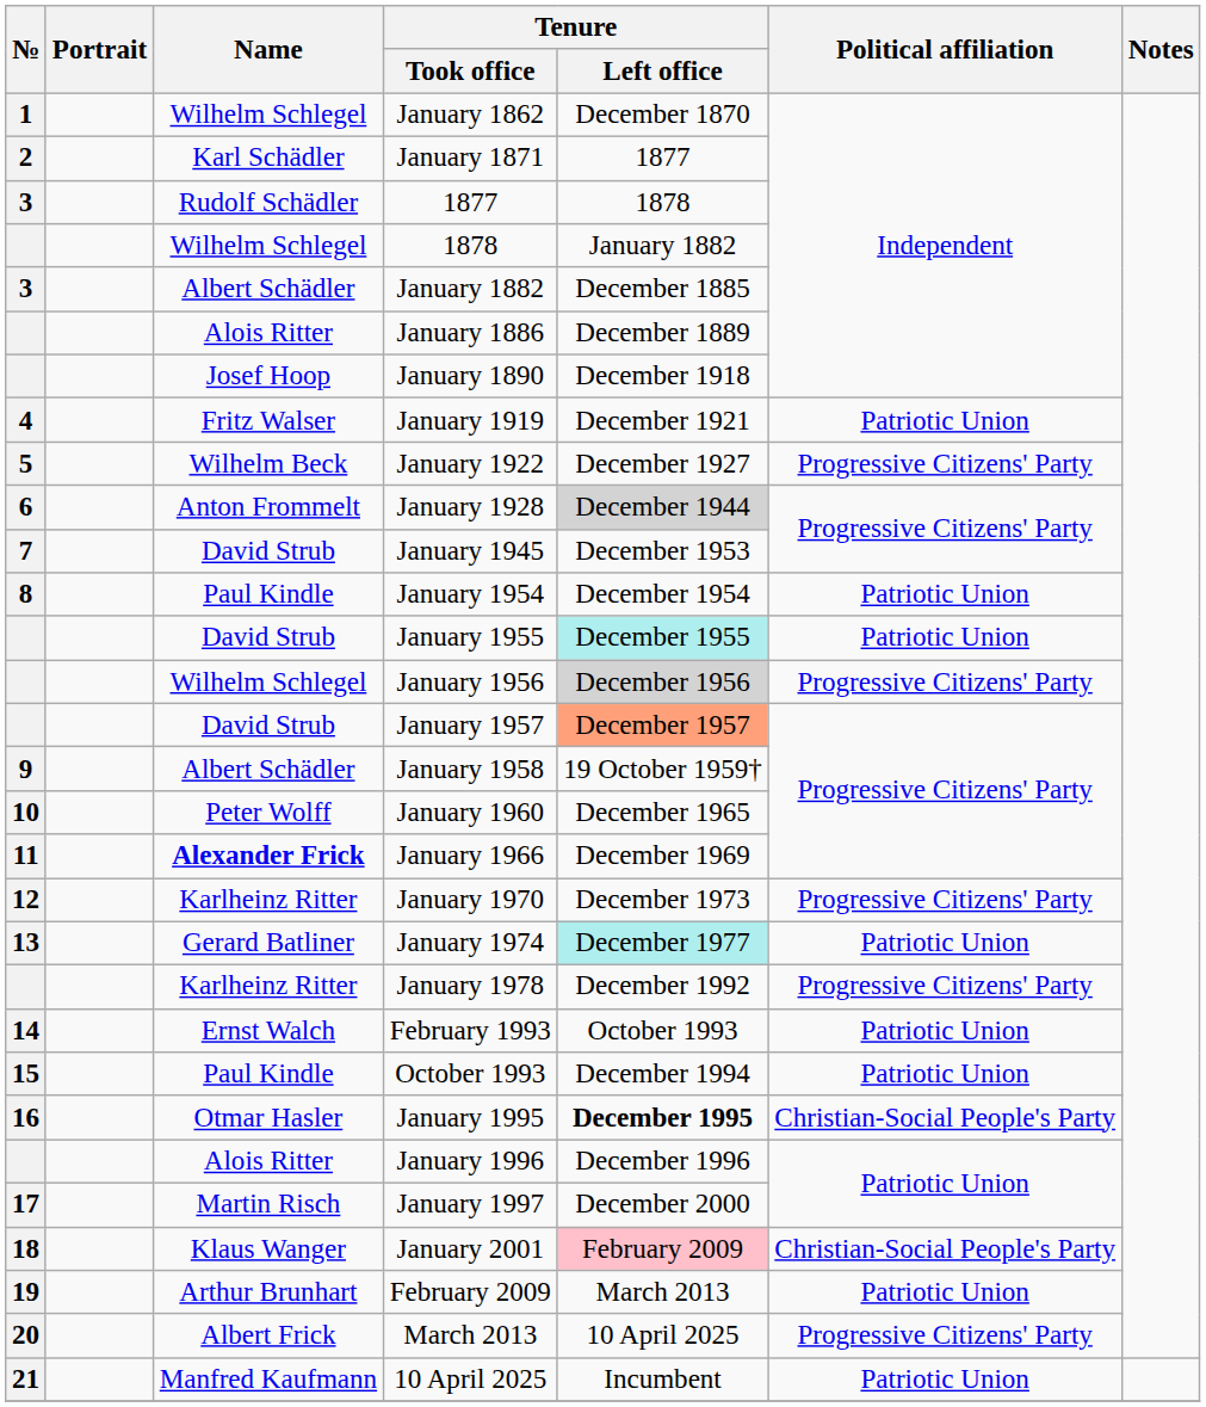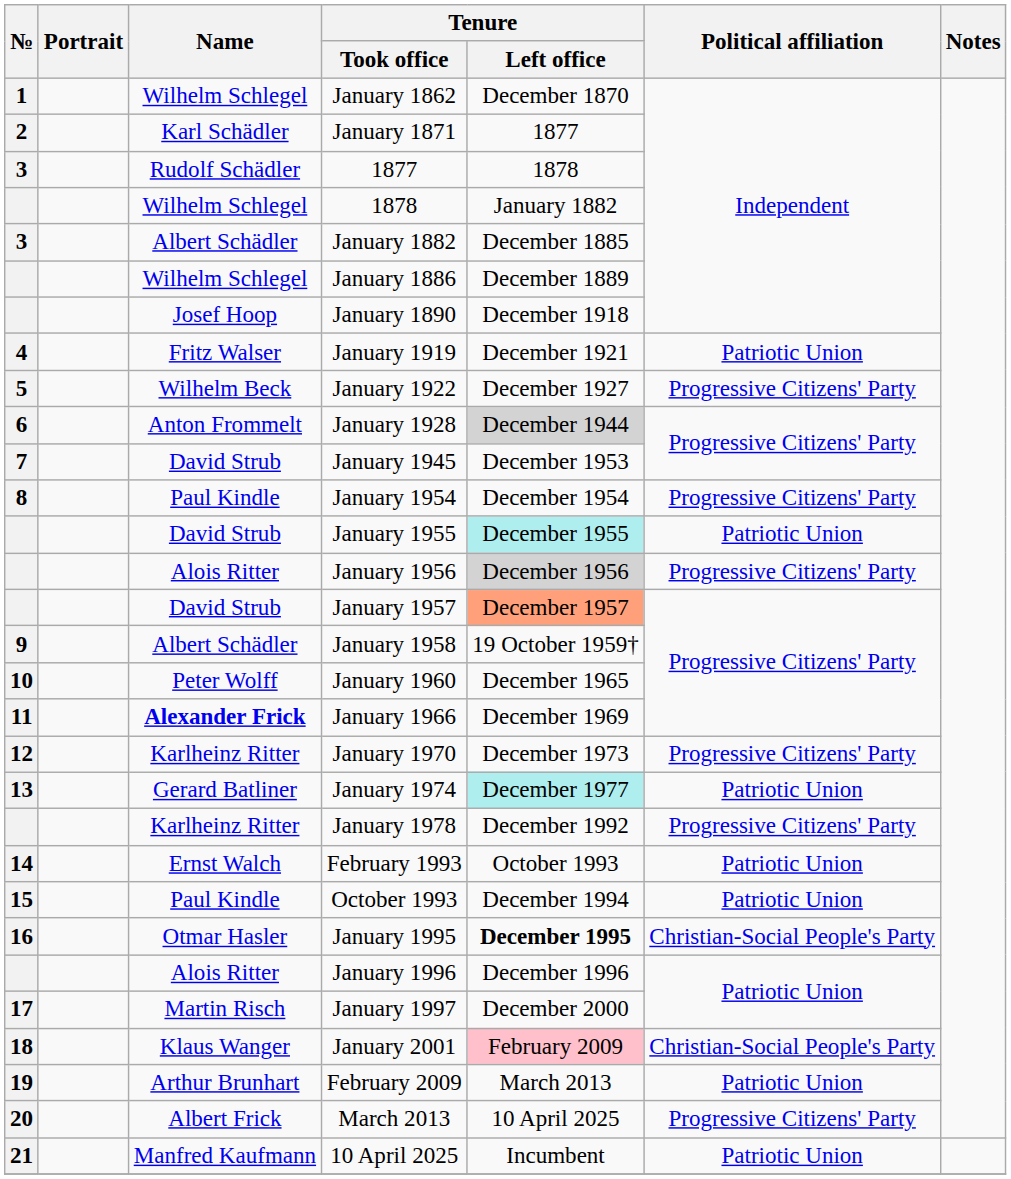 <table class="wikitable" style="text-align:center">
 <tr align=center bgcolor=#ebebeb>
 <th rowspan=2>№</th>
 <th rowspan=2>Portrait</th>
 <th rowspan=2>Name</th>
 <th colspan=2>Tenure</th>
 <th rowspan=2>Political affiliation</th>
 <th rowspan=2>Notes</th>
 </tr>
 <tr align=center bgcolor=#ebebeb>
 <th>Took office</th>
 <th>Left office</th>
 </tr>
 <tr>
 <th style="background:">1</th>
 <td></td>
 <td><a href='#'>Wilhelm Schlegel</a><br></td>
 <td>January 1862</td>
 <td>December 1870</td>
 <td rowspan="7"><a href='#'>Independent</a></td>
 <td rowspan="29"></td>
 </tr>
 <tr>
 <th style="background:">2</th>
 <td></td>
 <td><a href='#'>Karl Schädler</a><br></td>
 <td>January 1871</td>
 <td>1877</td>
 </tr>
 <tr>
 <th style="background:">3</th>
 <td></td>
 <td><a href='#'>Rudolf Schädler</a><br></td>
 <td>1877</td>
 <td>1878</td>
 </tr>
 <tr>
 <th style="background:"></th>
 <td></td>
 <td><a href='#'>Wilhelm Schlegel</a><br></td>
 <td>1878</td>
 <td>January 1882</td>
 </tr>
 <tr>
 <th style="background:">3</th>
 <td></td>
 <td><a href='#'>Albert Schädler</a><br></td>
 <td>January 1882</td>
 <td>December 1885</td>
 </tr>
 <tr>
 <th style="background:"></th>
 <td></td>
-<td><a href='#'>Alois Ritter</a><br></td>
+<td><a href='#'>Wilhelm Schlegel</a><br></td>
 <td>January 1886</td>
 <td>December 1889</td>
 </tr>
 <tr>
 <th style="background:"></th>
 <td></td>
 <td><a href='#'>Josef Hoop</a><br></td>
 <td>January 1890</td>
 <td>December 1918</td>
 </tr>
 <tr>
 <th style="background:">4</th>
 <td></td>
 <td><a href='#'>Fritz Walser</a><br></td>
 <td>January 1919</td>
 <td>December 1921</td>
 <td><a href='#'>Patriotic Union</a></td>
 </tr>
 <tr>
 <th style="background:">5</th>
 <td></td>
 <td><a href='#'>Wilhelm Beck</a><br></td>
 <td>January 1922</td>
 <td>December 1927</td>
 <td><a href='#'>Progressive Citizens' Party</a></td>
 </tr>
 <tr>
 <th style="background:">6</th>
 <td></td>
 <td><a href='#'>Anton Frommelt</a><br></td>
 <td>January 1928</td>
 <td style="background: lightgrey;">December 1944</td>
 <td rowspan="2"><a href='#'>Progressive Citizens' Party</a></td>
 </tr>
 <tr>
 <th style="background:">7</th>
 <td></td>
 <td><a href='#'>David Strub</a><br></td>
 <td>January 1945</td>
 <td>December 1953</td>
 </tr>
 <tr>
 <th style="background:">8</th>
 <td></td>
 <td><a href='#'>Paul Kindle</a><br></td>
 <td>January 1954</td>
 <td>December 1954</td>
-<td><a href='#'>Patriotic Union</a></td>
+<td><a href='#'>Progressive Citizens' Party</a></td>
 </tr>
 <tr>
 <th style="background:"></th>
 <td></td>
 <td><a href='#'>David Strub</a><br></td>
 <td>January 1955</td>
 <td style="background: paleturquoise;">December 1955</td>
 <td><a href='#'>Patriotic Union</a></td>
 </tr>
 <tr>
 <th style="background:"></th>
 <td></td>
-<td><a href='#'>Wilhelm Schlegel</a><br></td>
+<td><a href='#'>Alois Ritter</a><br></td>
 <td>January 1956</td>
 <td style="background: lightgrey;">December 1956</td>
 <td><a href='#'>Progressive Citizens' Party</a></td>
 </tr>
 <tr>
 <th style="background:"></th>
 <td></td>
 <td><a href='#'>David Strub</a><br></td>
 <td>January 1957</td>
 <td style="background: lightsalmon;">December 1957</td>
 <td rowspan="4"><a href='#'>Progressive Citizens' Party</a></td>
 </tr>
 <tr>
 <th style="background:">9</th>
 <td></td>
 <td><a href='#'>Albert Schädler</a><br></td>
 <td>January 1958</td>
 <td>19 October 1959†</td>
 </tr>
 <tr>
 <th style="background:">10</th>
 <td></td>
 <td><a href='#'>Peter Wolff</a><br></td>
 <td>January 1960</td>
 <td>December 1965</td>
 </tr>
 <tr>
 <th style="background:">11</th>
 <td></td>
 <td><strong><a href='#'>Alexander Frick</a><br></strong></td>
 <td>January 1966</td>
 <td>December 1969</td>
 </tr>
 <tr>
 <th style="background:">12</th>
 <td></td>
 <td><a href='#'>Karlheinz Ritter</a><br></td>
 <td>January 1970</td>
 <td>December 1973</td>
 <td><a href='#'>Progressive Citizens' Party</a></td>
 </tr>
 <tr>
 <th style="background:">13</th>
 <td></td>
 <td><a href='#'>Gerard Batliner</a><br></td>
 <td>January 1974</td>
 <td style="background: paleturquoise;">December 1977</td>
 <td><a href='#'>Patriotic Union</a></td>
 </tr>
 <tr>
 <th style="background:"></th>
 <td></td>
 <td><a href='#'>Karlheinz Ritter</a><br></td>
 <td>January 1978</td>
 <td>December 1992</td>
 <td><a href='#'>Progressive Citizens' Party</a></td>
 </tr>
 <tr>
 <th style="background:">14</th>
 <td></td>
 <td><a href='#'>Ernst Walch</a><br></td>
 <td>February 1993</td>
 <td>October 1993</td>
 <td><a href='#'>Patriotic Union</a></td>
 </tr>
 <tr>
 <th style="background:">15</th>
 <td></td>
 <td><a href='#'>Paul Kindle</a><br></td>
 <td>October 1993</td>
 <td>December 1994</td>
 <td><a href='#'>Patriotic Union</a></td>
 </tr>
 <tr>
 <th style="background:">16</th>
 <td></td>
 <td><a href='#'>Otmar Hasler</a><br></td>
 <td>January 1995</td>
 <td><strong>December 1995</strong></td>
 <td><a href='#'>Christian-Social People's Party</a></td>
 </tr>
 <tr>
 <th style="background:"></th>
 <td></td>
 <td><a href='#'>Alois Ritter</a><br></td>
 <td>January 1996</td>
 <td>December 1996</td>
 <td rowspan="2"><a href='#'>Patriotic Union</a></td>
 </tr>
 <tr>
 <th style="background:">17</th>
 <td></td>
 <td><a href='#'>Martin Risch</a><br></td>
 <td>January 1997</td>
 <td>December 2000</td>
 </tr>
 <tr>
 <th style="background:">18</th>
 <td></td>
 <td><a href='#'>Klaus Wanger</a><br></td>
 <td>January 2001</td>
 <td style="background: pink;">February 2009</td>
 <td><a href='#'>Christian-Social People's Party</a></td>
 </tr>
 <tr>
 <th style="background:">19</th>
 <td></td>
 <td><a href='#'>Arthur Brunhart</a><br></td>
 <td>February 2009</td>
 <td>March 2013</td>
 <td><a href='#'>Patriotic Union</a></td>
 </tr>
 <tr>
 <th style="background:">20</th>
 <td></td>
 <td><a href='#'>Albert Frick</a><br></td>
 <td>March 2013</td>
 <td>10 April 2025</td>
 <td><a href='#'>Progressive Citizens' Party</a></td>
 </tr>
 <tr>
 <th style="background:">21</th>
 <td></td>
 <td><a href='#'>Manfred Kaufmann</a><br></td>
 <td>10 April 2025</td>
 <td>Incumbent</td>
 <td><a href='#'>Patriotic Union</a></td>
 <td></td>
 </tr>
 <tr>
 </tr>
 </table>
